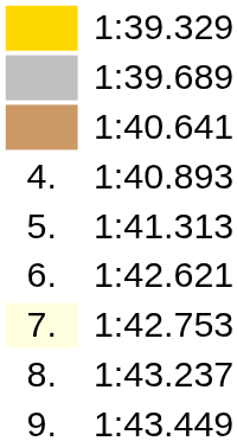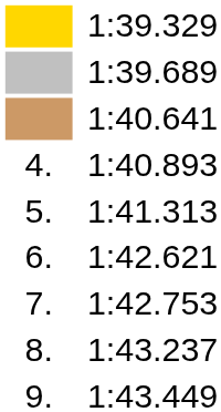 <table style="text-align:center">
 <tr>
 <td width=30 bgcolor=gold></td>
 <td align=left></td>
 <td width=60>1:39.329</td>
 </tr>
 <tr>
 <td bgcolor=silver></td>
 <td align=left></td>
 <td>1:39.689</td>
 </tr>
 <tr>
 <td bgcolor=cc9966></td>
 <td align=left></td>
 <td>1:40.641</td>
 </tr>
 <tr>
 <td>4.</td>
 <td align=left></td>
 <td>1:40.893</td>
 </tr>
 <tr>
 <td>5.</td>
 <td align=left></td>
 <td>1:41.313</td>
 </tr>
 <tr>
 <td>6.</td>
 <td align=left></td>
 <td>1:42.621</td>
 </tr>
 <tr>
-<td style="background: lightyellow;">7.</td>
+<td>7.</td>
 <td align=left></td>
 <td>1:42.753</td>
 </tr>
 <tr>
 <td>8.</td>
 <td align=left></td>
 <td>1:43.237</td>
 </tr>
 <tr>
 <td>9.</td>
 <td align=left></td>
 <td>1:43.449</td>
 </tr>
 </table>
